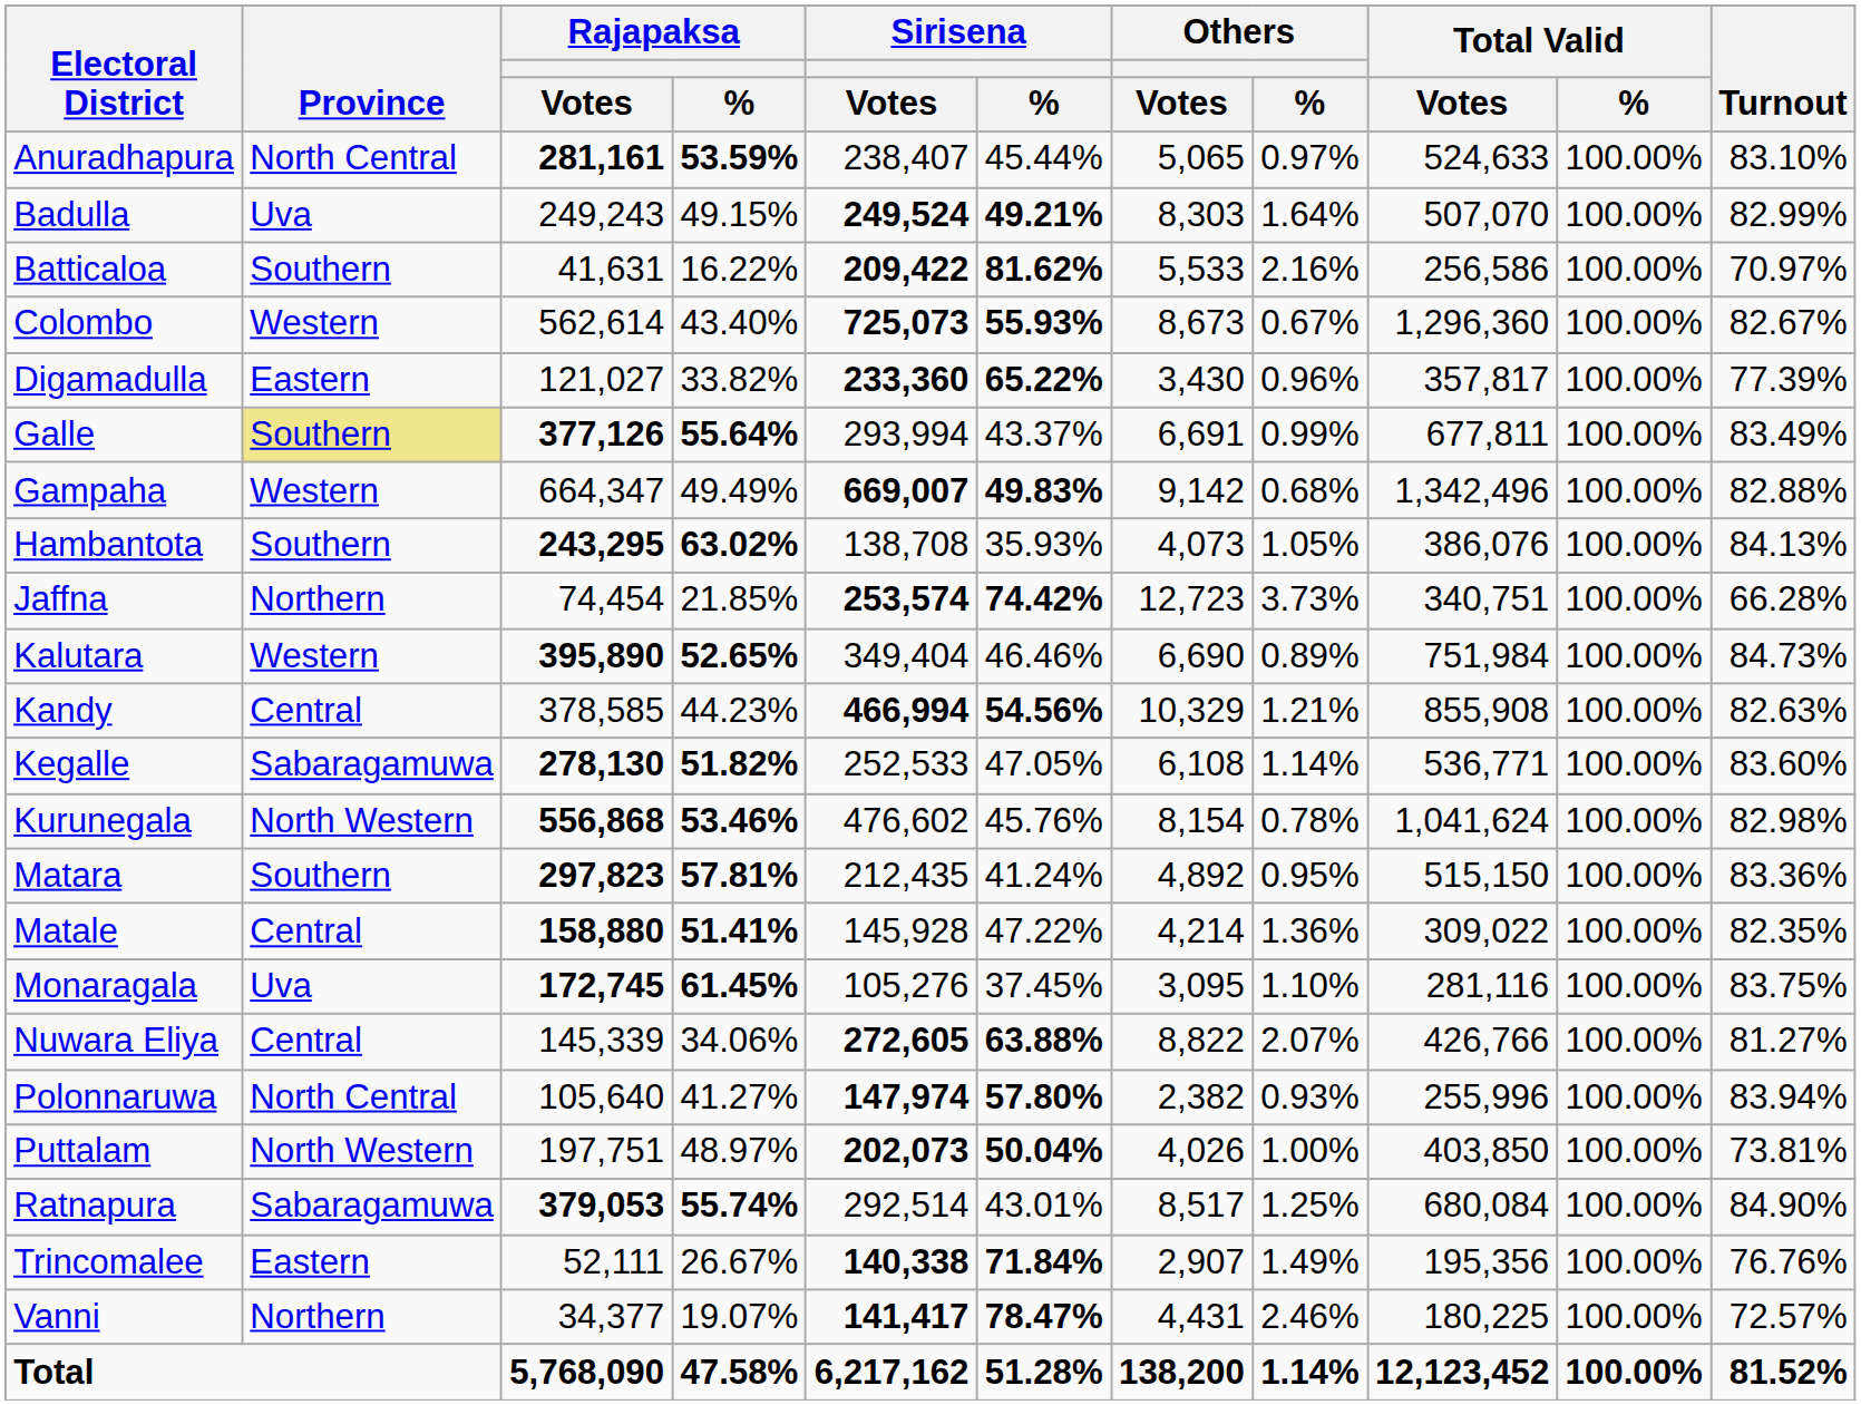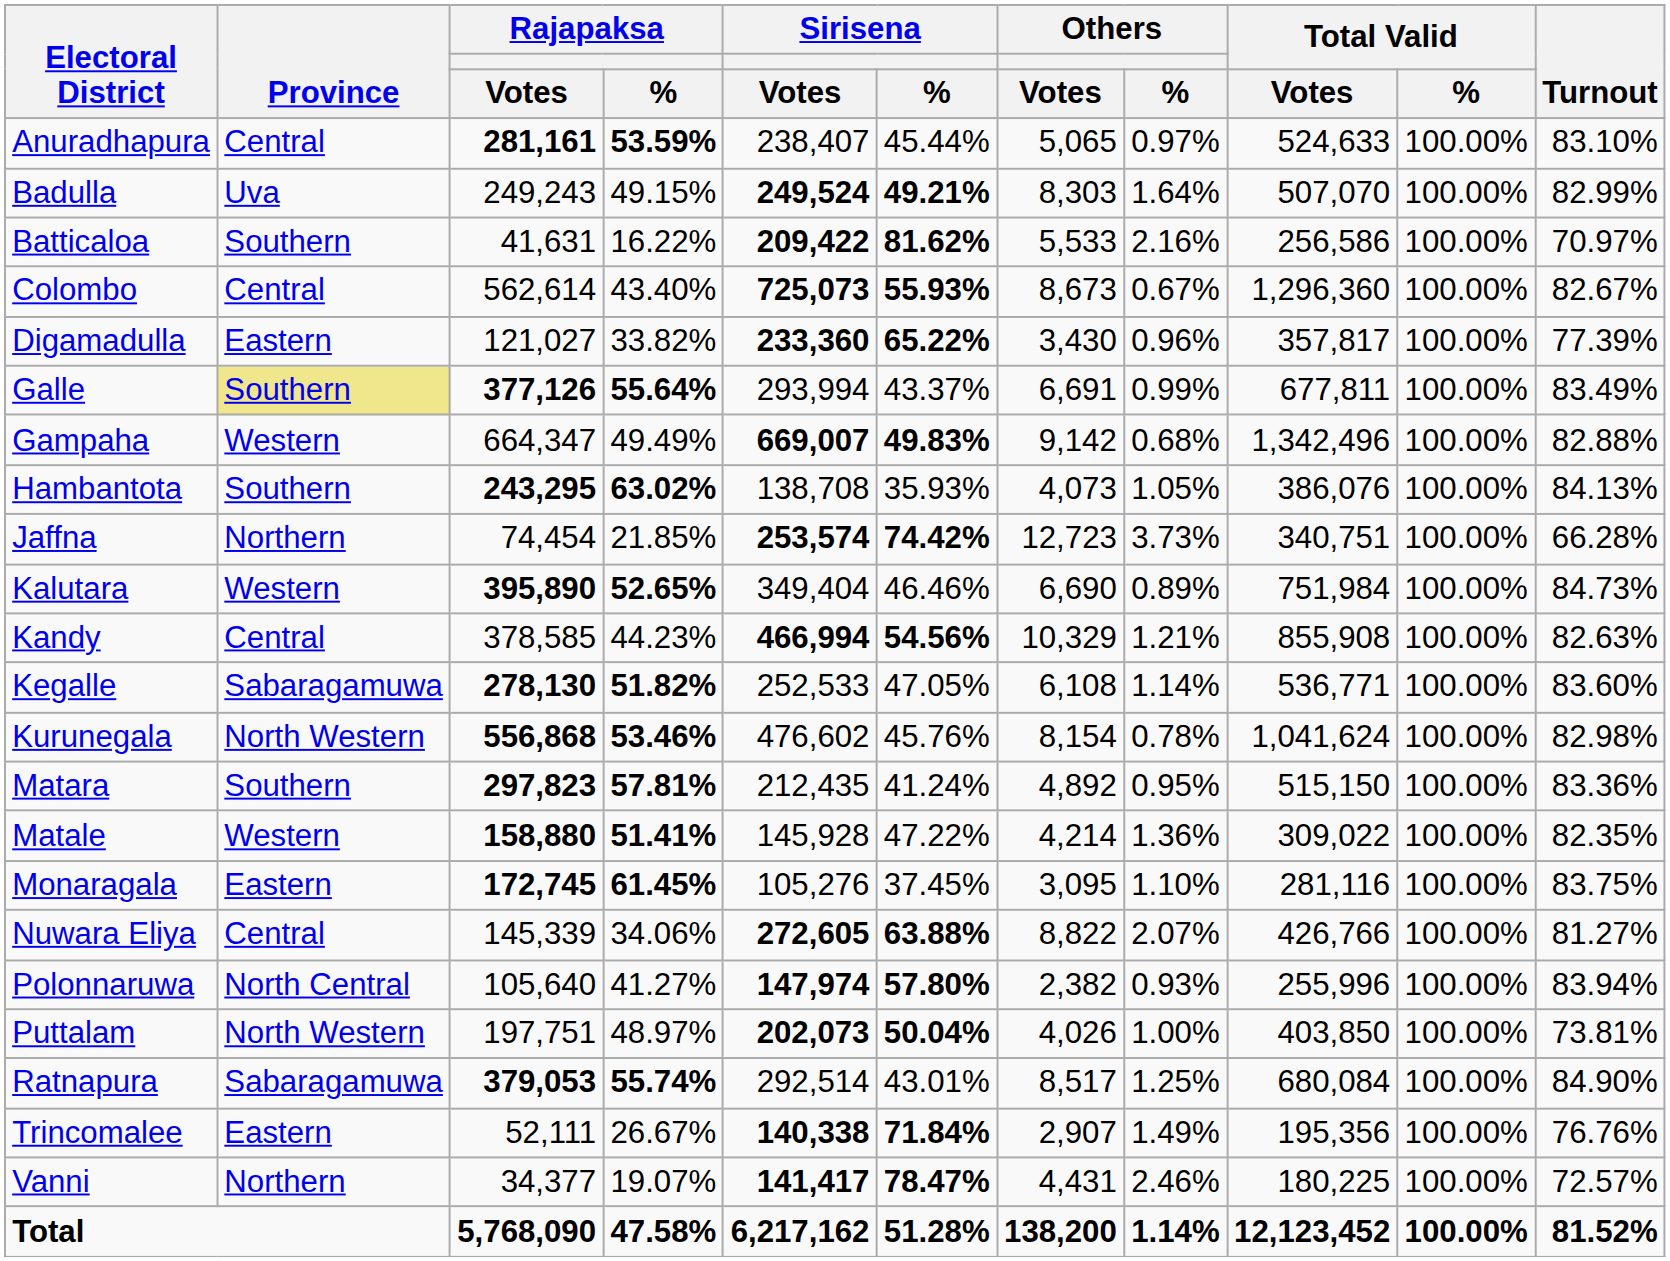 <table class="wikitable sortable" border="1" style="text-align:right;">
 <tr>
 <th valign=bottom rowspan=3><a href='#'>Electoral<br>District</a></th>
 <th valign=bottom rowspan=3><a href='#'>Province</a></th>
 <th colspan=2><a href='#'>Rajapaksa</a></th>
 <th colspan=2><a href='#'>Sirisena</a></th>
 <th colspan=2>Others</th>
 <th rowspan=2 colspan=2>Total Valid</th>
 <th valign=bottom rowspan=3>Turnout</th>
 </tr>
 <tr>
 <th colspan=2 style="background:"></th>
 <th colspan=2 style="background:"></th>
 <th colspan=2></th>
 </tr>
 <tr>
 <th>Votes</th>
 <th align=center>%</th>
 <th>Votes</th>
 <th align=center>%</th>
 <th>Votes</th>
 <th align=center>%</th>
 <th>Votes</th>
 <th align=center>%</th>
 </tr>
 <tr>
 <td align=left><a href='#'>Anuradhapura</a></td>
-<td align=left><a href='#'>North Central</a></td>
+<td align=left><a href='#'>Central</a></td>
 <td><strong>281,161</strong></td>
 <td><strong>53.59%</strong></td>
 <td>238,407</td>
 <td>45.44%</td>
 <td>5,065</td>
 <td>0.97%</td>
 <td>524,633</td>
 <td>100.00%</td>
 <td>83.10%</td>
 </tr>
 <tr>
 <td align=left><a href='#'>Badulla</a></td>
 <td align=left><a href='#'>Uva</a></td>
 <td>249,243</td>
 <td>49.15%</td>
 <td><strong>249,524</strong></td>
 <td><strong>49.21%</strong></td>
 <td>8,303</td>
 <td>1.64%</td>
 <td>507,070</td>
 <td>100.00%</td>
 <td>82.99%</td>
 </tr>
 <tr>
 <td align=left><a href='#'>Batticaloa</a></td>
 <td align=left><a href='#'>Southern</a></td>
 <td>41,631</td>
 <td>16.22%</td>
 <td><strong>209,422</strong></td>
 <td><strong>81.62%</strong></td>
 <td>5,533</td>
 <td>2.16%</td>
 <td>256,586</td>
 <td>100.00%</td>
 <td>70.97%</td>
 </tr>
 <tr>
 <td align=left><a href='#'>Colombo</a></td>
-<td align=left><a href='#'>Western</a></td>
+<td align=left><a href='#'>Central</a></td>
 <td>562,614</td>
 <td>43.40%</td>
 <td><strong>725,073</strong></td>
 <td><strong>55.93%</strong></td>
 <td>8,673</td>
 <td>0.67%</td>
 <td>1,296,360</td>
 <td>100.00%</td>
 <td>82.67%</td>
 </tr>
 <tr>
 <td align=left><a href='#'>Digamadulla</a></td>
 <td align=left><a href='#'>Eastern</a></td>
 <td>121,027</td>
 <td>33.82%</td>
 <td><strong>233,360</strong></td>
 <td><strong>65.22%</strong></td>
 <td>3,430</td>
 <td>0.96%</td>
 <td>357,817</td>
 <td>100.00%</td>
 <td>77.39%</td>
 </tr>
 <tr>
 <td align=left><a href='#'>Galle</a></td>
 <td align=left style="background: khaki;"><a href='#'>Southern</a></td>
 <td><strong>377,126</strong></td>
 <td><strong>55.64%</strong></td>
 <td>293,994</td>
 <td>43.37%</td>
 <td>6,691</td>
 <td>0.99%</td>
 <td>677,811</td>
 <td>100.00%</td>
 <td>83.49%</td>
 </tr>
 <tr>
 <td align=left><a href='#'>Gampaha</a></td>
 <td align=left><a href='#'>Western</a></td>
 <td>664,347</td>
 <td>49.49%</td>
 <td><strong>669,007</strong></td>
 <td><strong>49.83%</strong></td>
 <td>9,142</td>
 <td>0.68%</td>
 <td>1,342,496</td>
 <td>100.00%</td>
 <td>82.88%</td>
 </tr>
 <tr>
 <td align=left><a href='#'>Hambantota</a></td>
 <td align=left><a href='#'>Southern</a></td>
 <td><strong>243,295</strong></td>
 <td><strong>63.02%</strong></td>
 <td>138,708</td>
 <td>35.93%</td>
 <td>4,073</td>
 <td>1.05%</td>
 <td>386,076</td>
 <td>100.00%</td>
 <td>84.13%</td>
 </tr>
 <tr>
 <td align=left><a href='#'>Jaffna</a></td>
 <td align=left><a href='#'>Northern</a></td>
 <td>74,454</td>
 <td>21.85%</td>
 <td><strong>253,574</strong></td>
 <td><strong>74.42%</strong></td>
 <td>12,723</td>
 <td>3.73%</td>
 <td>340,751</td>
 <td>100.00%</td>
 <td>66.28%</td>
 </tr>
 <tr>
 <td align=left><a href='#'>Kalutara</a></td>
 <td align=left><a href='#'>Western</a></td>
 <td><strong>395,890</strong></td>
 <td><strong>52.65%</strong></td>
 <td>349,404</td>
 <td>46.46%</td>
 <td>6,690</td>
 <td>0.89%</td>
 <td>751,984</td>
 <td>100.00%</td>
 <td>84.73%</td>
 </tr>
 <tr>
 <td align=left><a href='#'>Kandy</a></td>
 <td align=left><a href='#'>Central</a></td>
 <td>378,585</td>
 <td>44.23%</td>
 <td><strong>466,994</strong></td>
 <td><strong>54.56%</strong></td>
 <td>10,329</td>
 <td>1.21%</td>
 <td>855,908</td>
 <td>100.00%</td>
 <td>82.63%</td>
 </tr>
 <tr>
 <td align=left><a href='#'>Kegalle</a></td>
 <td align=left><a href='#'>Sabaragamuwa</a></td>
 <td><strong>278,130</strong></td>
 <td><strong>51.82%</strong></td>
 <td>252,533</td>
 <td>47.05%</td>
 <td>6,108</td>
 <td>1.14%</td>
 <td>536,771</td>
 <td>100.00%</td>
 <td>83.60%</td>
 </tr>
 <tr>
 <td align=left><a href='#'>Kurunegala</a></td>
 <td align=left><a href='#'>North Western</a></td>
 <td><strong>556,868</strong></td>
 <td><strong>53.46%</strong></td>
 <td>476,602</td>
 <td>45.76%</td>
 <td>8,154</td>
 <td>0.78%</td>
 <td>1,041,624</td>
 <td>100.00%</td>
 <td>82.98%</td>
 </tr>
 <tr>
 <td align=left><a href='#'>Matara</a></td>
 <td align=left><a href='#'>Southern</a></td>
 <td><strong>297,823</strong></td>
 <td><strong>57.81%</strong></td>
 <td>212,435</td>
 <td>41.24%</td>
 <td>4,892</td>
 <td>0.95%</td>
 <td>515,150</td>
 <td>100.00%</td>
 <td>83.36%</td>
 </tr>
 <tr>
 <td align=left><a href='#'>Matale</a></td>
-<td align=left><a href='#'>Central</a></td>
+<td align=left><a href='#'>Western</a></td>
 <td><strong>158,880</strong></td>
 <td><strong>51.41%</strong></td>
 <td>145,928</td>
 <td>47.22%</td>
 <td>4,214</td>
 <td>1.36%</td>
 <td>309,022</td>
 <td>100.00%</td>
 <td>82.35%</td>
 </tr>
 <tr>
 <td align=left><a href='#'>Monaragala</a></td>
-<td align=left><a href='#'>Uva</a></td>
+<td align=left><a href='#'>Eastern</a></td>
 <td><strong>172,745</strong></td>
 <td><strong>61.45%</strong></td>
 <td>105,276</td>
 <td>37.45%</td>
 <td>3,095</td>
 <td>1.10%</td>
 <td>281,116</td>
 <td>100.00%</td>
 <td>83.75%</td>
 </tr>
 <tr>
 <td align=left><a href='#'>Nuwara Eliya</a></td>
 <td align=left><a href='#'>Central</a></td>
 <td>145,339</td>
 <td>34.06%</td>
 <td><strong>272,605</strong></td>
 <td><strong>63.88%</strong></td>
 <td>8,822</td>
 <td>2.07%</td>
 <td>426,766</td>
 <td>100.00%</td>
 <td>81.27%</td>
 </tr>
 <tr>
 <td align=left><a href='#'>Polonnaruwa</a></td>
 <td align=left><a href='#'>North Central</a></td>
 <td>105,640</td>
 <td>41.27%</td>
 <td><strong>147,974</strong></td>
 <td><strong>57.80%</strong></td>
 <td>2,382</td>
 <td>0.93%</td>
 <td>255,996</td>
 <td>100.00%</td>
 <td>83.94%</td>
 </tr>
 <tr>
 <td align=left><a href='#'>Puttalam</a></td>
 <td align=left><a href='#'>North Western</a></td>
 <td>197,751</td>
 <td>48.97%</td>
 <td><strong>202,073</strong></td>
 <td><strong>50.04%</strong></td>
 <td>4,026</td>
 <td>1.00%</td>
 <td>403,850</td>
 <td>100.00%</td>
 <td>73.81%</td>
 </tr>
 <tr>
 <td align=left><a href='#'>Ratnapura</a></td>
 <td align=left><a href='#'>Sabaragamuwa</a></td>
 <td><strong>379,053</strong></td>
 <td><strong>55.74%</strong></td>
 <td>292,514</td>
 <td>43.01%</td>
 <td>8,517</td>
 <td>1.25%</td>
 <td>680,084</td>
 <td>100.00%</td>
 <td>84.90%</td>
 </tr>
 <tr>
 <td align=left><a href='#'>Trincomalee</a></td>
 <td align=left><a href='#'>Eastern</a></td>
 <td>52,111</td>
 <td>26.67%</td>
 <td><strong>140,338</strong></td>
 <td><strong>71.84%</strong></td>
 <td>2,907</td>
 <td>1.49%</td>
 <td>195,356</td>
 <td>100.00%</td>
 <td>76.76%</td>
 </tr>
 <tr>
 <td align=left><a href='#'>Vanni</a></td>
 <td align=left><a href='#'>Northern</a></td>
 <td>34,377</td>
 <td>19.07%</td>
 <td><strong>141,417</strong></td>
 <td><strong>78.47%</strong></td>
 <td>4,431</td>
 <td>2.46%</td>
 <td>180,225</td>
 <td>100.00%</td>
 <td>72.57%</td>
 </tr>
 <tr class="sortbottom" style="font-weight:bold">
 <td colspan=2 align=left>Total</td>
 <td>5,768,090</td>
 <td>47.58%</td>
 <td>6,217,162</td>
 <td>51.28%</td>
 <td>138,200</td>
 <td>1.14%</td>
 <td>12,123,452</td>
 <td>100.00%</td>
 <td>81.52%</td>
 </tr>
 </table>
